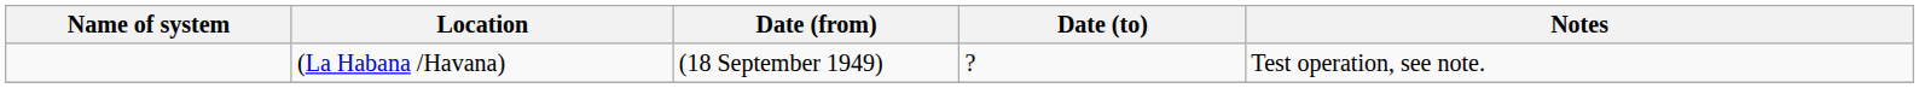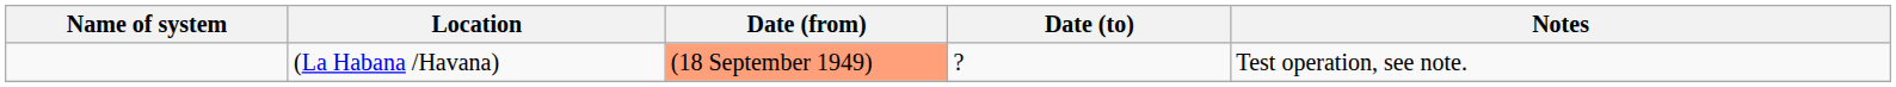 <table class="wikitable" width=100%>
 <tr>
 <th width=15%>Name of system</th>
 <th width=20%>Location</th>
 <th width=15%>Date (from)</th>
 <th width=15%>Date (to)</th>
 <th width=35%>Notes</th>
 </tr>
 <tr>
 <td> </td>
 <td>(<a href='#'>La Habana</a> /Havana)</td>
-<td>(18 September 1949)</td>
+<td style="background: lightsalmon;">(18 September 1949)</td>
 <td>?</td>
 <td>Test operation, see note.</td>
 </tr>
 <tr>
 </tr>
 </table>
